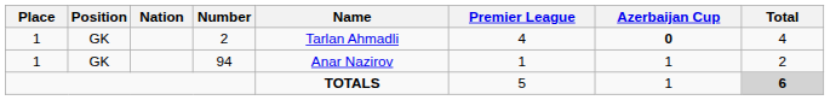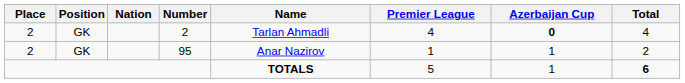 <table class="wikitable" style="font-size: 95%; text-align: center;">
 <tr>
 <th width=60>Place</th>
 <th width=60>Position</th>
 <th width=60>Nation</th>
 <th width=60>Number</th>
 <th width=200>Name</th>
 <th width=150><a href='#'>Premier League</a></th>
 <th width=150><a href='#'>Azerbaijan Cup</a></th>
 <th width=80>Total</th>
 </tr>
 <tr>
-<td>1</td>
+<td>2</td>
 <td>GK</td>
 <td></td>
 <td>2</td>
 <td><a href='#'>Tarlan Ahmadli</a></td>
 <td>4</td>
 <td><strong>0</strong></td>
 <td>4</td>
 </tr>
 <tr>
-<td>1</td>
+<td>2</td>
 <td>GK</td>
 <td></td>
-<td>94</td>
+<td>95</td>
 <td><a href='#'>Anar Nazirov</a></td>
 <td>1</td>
 <td>1</td>
 <td>2</td>
 </tr>
 <tr>
 <td colspan="4"></td>
 <td><strong>TOTALS</strong></td>
 <td>5</td>
 <td>1</td>
-<td style="background: lightgrey;"><strong>6</strong></td>
+<td><strong>6</strong></td>
 </tr>
 </table>
